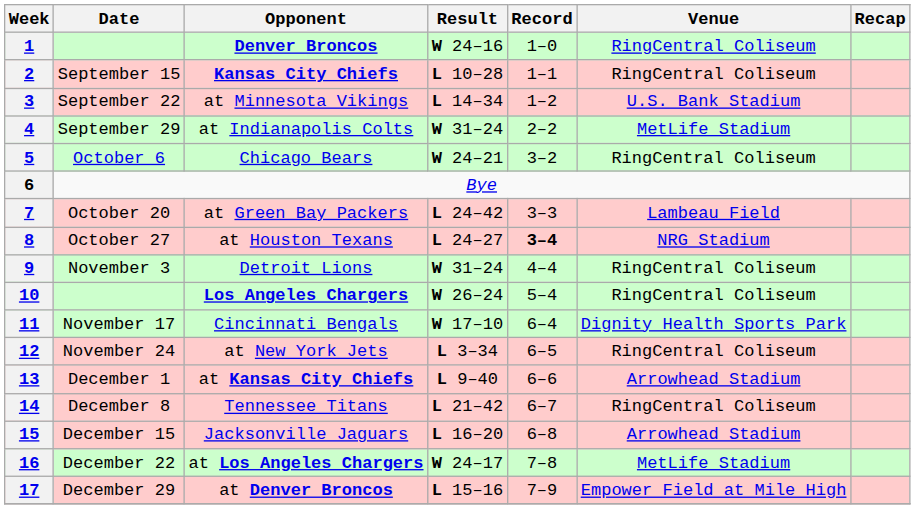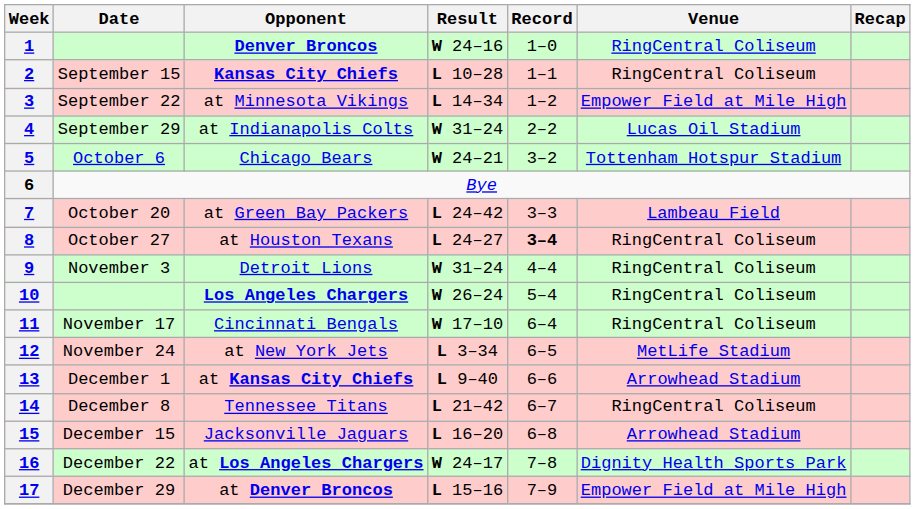 <table class="wikitable" style="text-align:center">
 <tr>
 <th>Week</th>
 <th>Date</th>
 <th>Opponent</th>
 <th>Result</th>
 <th>Record</th>
 <th>Venue</th>
 <th>Recap</th>
 </tr>
 <tr style="background:#cfc">
 <th><a href='#'>1</a></th>
 <td></td>
 <td><strong><a href='#'>Denver Broncos</a></strong></td>
 <td><strong>W</strong> 24–16</td>
 <td>1–0</td>
 <td><a href='#'>RingCentral Coliseum</a></td>
 <td></td>
 </tr>
 <tr style="background:#fcc">
 <th><a href='#'>2</a></th>
 <td>September 15</td>
 <td><strong><a href='#'>Kansas City Chiefs</a></strong></td>
 <td><strong>L</strong> 10–28</td>
 <td>1–1</td>
 <td>RingCentral Coliseum</td>
 <td></td>
 </tr>
 <tr style="background:#fcc">
 <th><a href='#'>3</a></th>
 <td>September 22</td>
 <td>at <a href='#'>Minnesota Vikings</a></td>
 <td><strong>L</strong> 14–34</td>
 <td>1–2</td>
-<td><a href='#'>U.S. Bank Stadium</a></td>
+<td><a href='#'>Empower Field at Mile High</a></td>
 <td></td>
 </tr>
 <tr style="background:#cfc">
 <th><a href='#'>4</a></th>
 <td>September 29</td>
 <td>at <a href='#'>Indianapolis Colts</a></td>
 <td><strong>W</strong> 31–24</td>
 <td>2–2</td>
-<td><a href='#'>MetLife Stadium</a></td>
+<td><a href='#'>Lucas Oil Stadium</a></td>
 <td></td>
 </tr>
 <tr style="background:#cfc">
 <th><a href='#'>5</a></th>
 <td><a href='#'>October 6</a></td>
 <td><a href='#'>Chicago Bears</a></td>
 <td><strong>W</strong> 24–21</td>
 <td>3–2</td>
-<td>RingCentral Coliseum</td>
+<td> <a href='#'>Tottenham Hotspur Stadium</a> </td>
 <td></td>
 </tr>
 <tr>
 <th>6</th>
 <td colspan="6"><em><a href='#'>Bye</a></em></td>
 </tr>
 <tr style="background:#fcc">
 <th><a href='#'>7</a></th>
 <td>October 20</td>
 <td>at <a href='#'>Green Bay Packers</a></td>
 <td><strong>L</strong> 24–42</td>
 <td>3–3</td>
 <td><a href='#'>Lambeau Field</a></td>
 <td></td>
 </tr>
 <tr style="background:#fcc">
 <th><a href='#'>8</a></th>
 <td>October 27</td>
 <td>at <a href='#'>Houston Texans</a></td>
 <td><strong>L</strong> 24–27</td>
 <td><strong>3–4</strong></td>
-<td><a href='#'>NRG Stadium</a></td>
+<td>RingCentral Coliseum</td>
 <td></td>
 </tr>
 <tr style="background:#cfc">
 <th><a href='#'>9</a></th>
 <td>November 3</td>
 <td><a href='#'>Detroit Lions</a></td>
 <td><strong>W</strong> 31–24</td>
 <td>4–4</td>
 <td>RingCentral Coliseum</td>
 <td></td>
 </tr>
 <tr style="background:#cfc">
 <th><a href='#'>10</a></th>
 <td></td>
 <td><strong><a href='#'>Los Angeles Chargers</a></strong></td>
 <td><strong>W</strong> 26–24</td>
 <td>5–4</td>
 <td>RingCentral Coliseum</td>
 <td></td>
 </tr>
 <tr style="background:#cfc">
 <th><a href='#'>11</a></th>
 <td>November 17</td>
 <td><a href='#'>Cincinnati Bengals</a></td>
 <td><strong>W</strong> 17–10</td>
 <td>6–4</td>
-<td><a href='#'>Dignity Health Sports Park</a></td>
+<td>RingCentral Coliseum</td>
 <td></td>
 </tr>
 <tr style="background:#fcc">
 <th><a href='#'>12</a></th>
 <td>November 24</td>
 <td>at <a href='#'>New York Jets</a></td>
 <td><strong>L</strong> 3–34</td>
 <td>6–5</td>
-<td>RingCentral Coliseum</td>
+<td><a href='#'>MetLife Stadium</a></td>
 <td></td>
 </tr>
 <tr style="background:#fcc">
 <th><a href='#'>13</a></th>
 <td>December 1</td>
 <td>at <strong><a href='#'>Kansas City Chiefs</a></strong></td>
 <td><strong>L</strong> 9–40</td>
 <td>6–6</td>
 <td><a href='#'>Arrowhead Stadium</a></td>
 <td></td>
 </tr>
 <tr style="background:#fcc">
 <th><a href='#'>14</a></th>
 <td>December 8</td>
 <td><a href='#'>Tennessee Titans</a></td>
 <td><strong>L</strong> 21–42</td>
 <td>6–7</td>
 <td>RingCentral Coliseum</td>
 <td></td>
 </tr>
 <tr style="background:#fcc">
 <th><a href='#'>15</a></th>
 <td>December 15</td>
 <td><a href='#'>Jacksonville Jaguars</a></td>
 <td><strong>L</strong> 16–20</td>
 <td>6–8</td>
 <td><a href='#'>Arrowhead Stadium</a></td>
 <td></td>
 </tr>
 <tr style="background:#cfc">
 <th><a href='#'>16</a></th>
 <td>December 22</td>
 <td>at <strong><a href='#'>Los Angeles Chargers</a></strong></td>
 <td><strong>W</strong> 24–17</td>
 <td>7–8</td>
-<td><a href='#'>MetLife Stadium</a></td>
+<td><a href='#'>Dignity Health Sports Park</a></td>
 <td></td>
 </tr>
 <tr style="background:#fcc">
 <th><a href='#'>17</a></th>
 <td>December 29</td>
 <td>at <strong><a href='#'>Denver Broncos</a></strong></td>
 <td><strong>L</strong> 15–16</td>
 <td>7–9</td>
 <td><a href='#'>Empower Field at Mile High</a></td>
 <td></td>
 </tr>
 <tr style="background:#cfc">
 </tr>
 </table>
